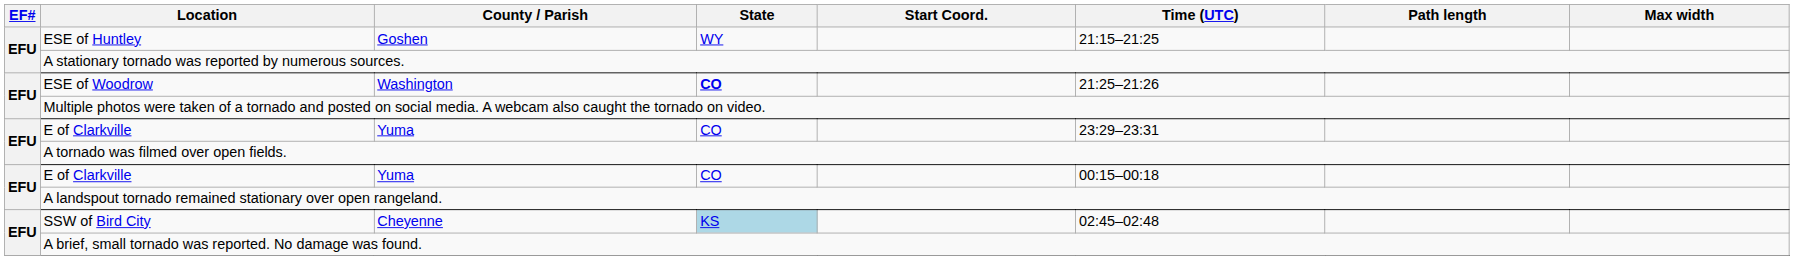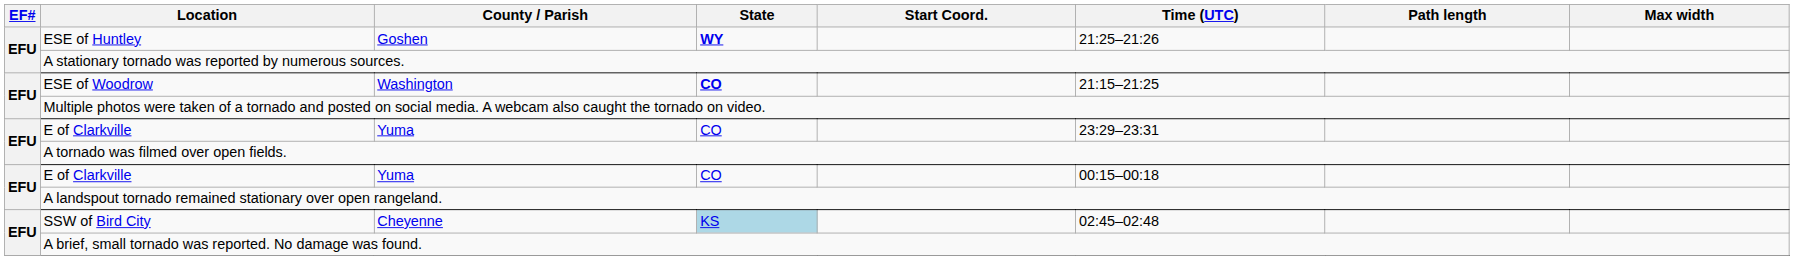 <table class="wikitable sortable" style="width:100%;">
 <tr>
 <th scope="col" width="2%" align="center"><a href='#'>EF#</a></th>
 <th scope="col" align="center" class="unsortable">Location</th>
 <th scope="col" align="center" class="unsortable">County / Parish</th>
 <th scope="col" align="center">State</th>
 <th scope="col" align="center">Start Coord.</th>
 <th scope="col" align="center">Time (<a href='#'>UTC</a>)</th>
 <th scope="col" align="center">Path length</th>
 <th scope="col" align="center">Max width</th>
 </tr>
 <tr>
 <th scope="row" rowspan="2" style="background-color:#">EFU</th>
 <td>ESE of <a href='#'>Huntley</a></td>
 <td><a href='#'>Goshen</a></td>
-<td><a href='#'>WY</a></td>
+<td><strong><a href='#'>WY</a></strong></td>
 <td></td>
-<td>21:15–21:25</td>
+<td>21:25–21:26</td>
 <td></td>
 <td></td>
 </tr>
 <tr class="expand-child">
 <td colspan="8" style=" border-bottom: 1px solid black;">A stationary tornado was reported by numerous sources.</td>
 </tr>
 <tr>
 <th scope="row" rowspan="2" style="background-color:#">EFU</th>
 <td>ESE of <a href='#'>Woodrow</a></td>
 <td><a href='#'>Washington</a></td>
 <td><strong><a href='#'>CO</a></strong></td>
 <td></td>
-<td>21:25–21:26</td>
+<td>21:15–21:25</td>
 <td></td>
 <td></td>
 </tr>
 <tr class="expand-child">
 <td colspan="8" style=" border-bottom: 1px solid black;">Multiple photos were taken of a tornado and posted on social media. A webcam also caught the tornado on video.</td>
 </tr>
 <tr>
 <th scope="row" rowspan="2" style="background-color:#">EFU</th>
 <td>E of <a href='#'>Clarkville</a></td>
 <td><a href='#'>Yuma</a></td>
 <td><a href='#'>CO</a></td>
 <td></td>
 <td>23:29–23:31</td>
 <td></td>
 <td></td>
 </tr>
 <tr class="expand-child">
 <td colspan="8" style=" border-bottom: 1px solid black;">A tornado was filmed over open fields.</td>
 </tr>
 <tr>
 <th scope="row" rowspan="2" style="background-color:#">EFU</th>
 <td>E of <a href='#'>Clarkville</a></td>
 <td><a href='#'>Yuma</a></td>
 <td><a href='#'>CO</a></td>
 <td></td>
 <td>00:15–00:18</td>
 <td></td>
 <td></td>
 </tr>
 <tr class="expand-child">
 <td colspan="8" style=" border-bottom: 1px solid black;">A landspout tornado remained stationary over open rangeland.</td>
 </tr>
 <tr>
 <th scope="row" rowspan="2" style="background-color:#">EFU</th>
 <td>SSW of <a href='#'>Bird City</a></td>
 <td><a href='#'>Cheyenne</a></td>
 <td style="background: lightblue;"><a href='#'>KS</a></td>
 <td></td>
 <td>02:45–02:48</td>
 <td></td>
 <td></td>
 </tr>
 <tr class="expand-child">
 <td colspan="8" style=" border-bottom: 1px solid black;">A brief, small tornado was reported. No damage was found.</td>
 </tr>
 <tr>
 </tr>
 </table>
